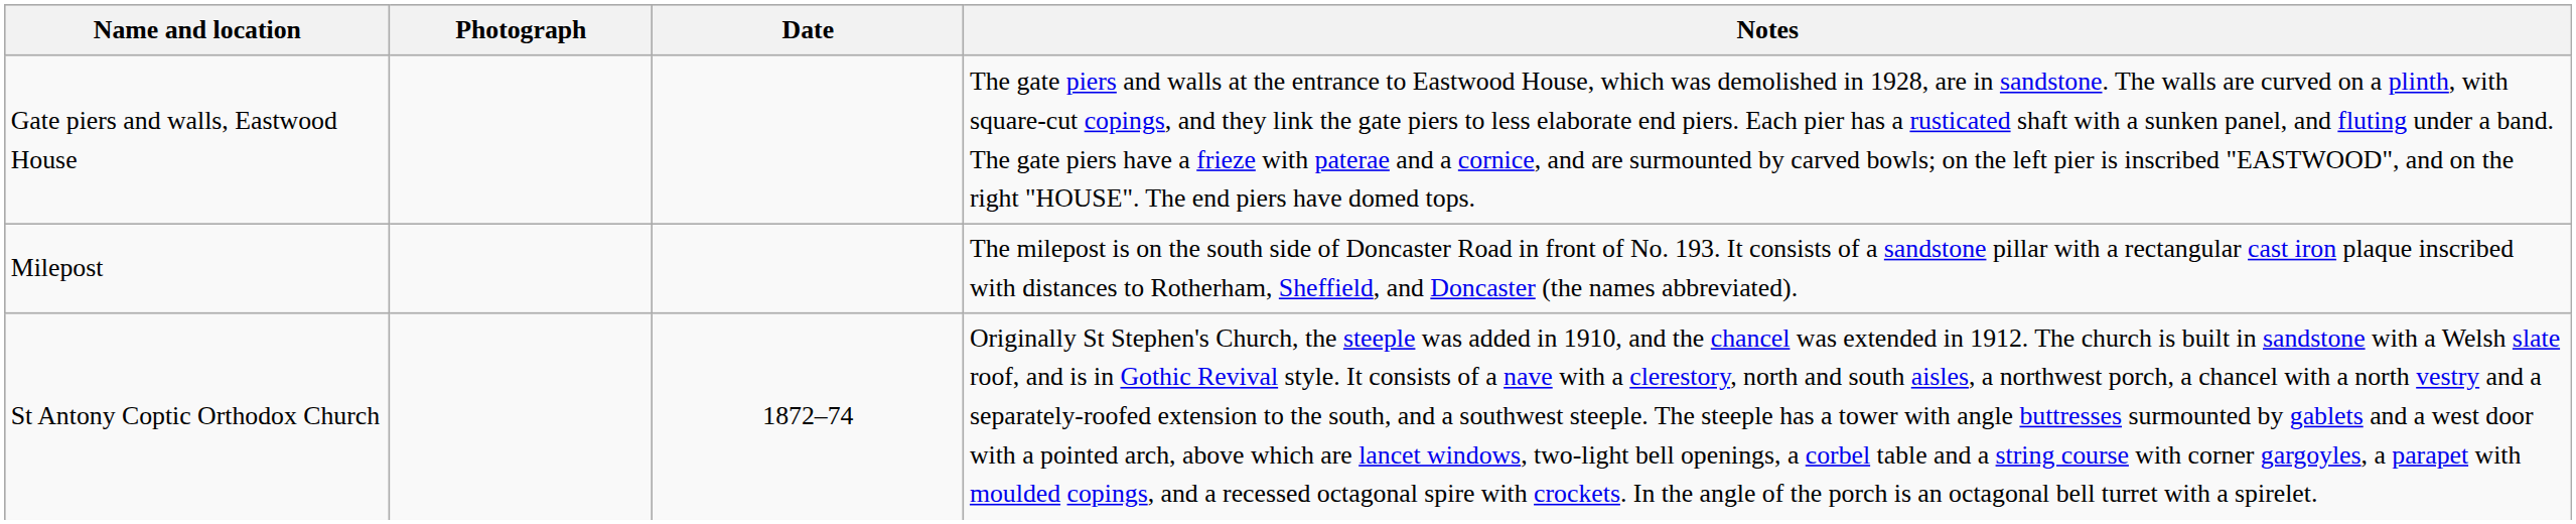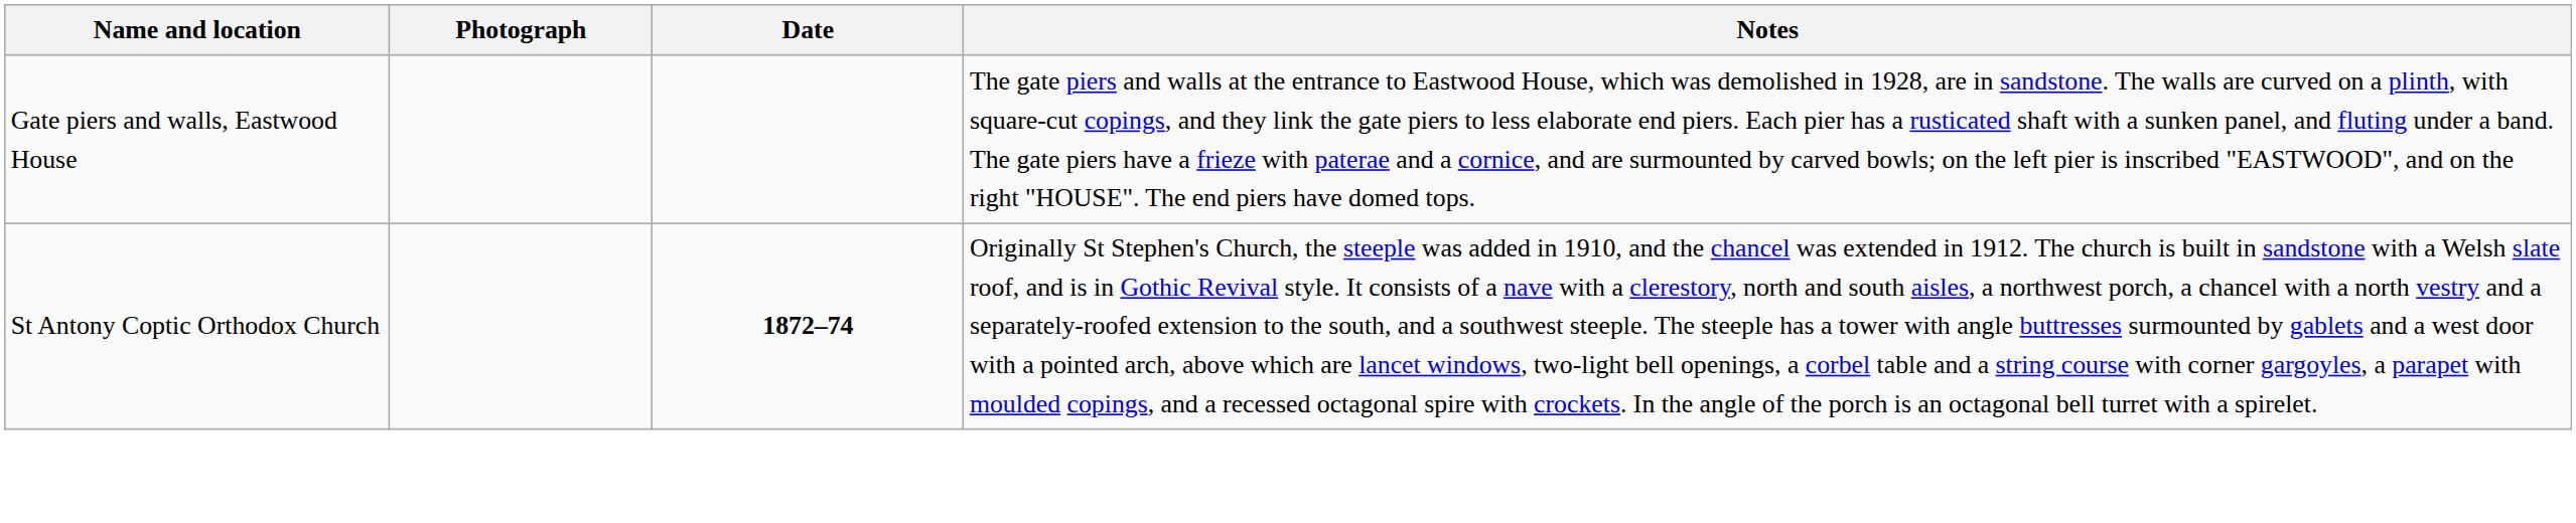 <table class="wikitable sortable plainrowheaders" style="width:100%;border:0px;text-align:left;line-height:150%;">
 <tr>
 <th scope="col"  style="width:150px">Name and location</th>
 <th scope="col"  style="width:100px" class="unsortable">Photograph</th>
 <th scope="col"  style="width:120px">Date</th>
 <th scope="col"  style="width:650px" class="unsortable">Notes</th>
 </tr>
 <tr>
 <td>Gate piers and walls, Eastwood House<br><small></small></td>
 <td></td>
 <td align="center"></td>
 <td>The gate <a href='#'>piers</a> and walls at the entrance to Eastwood House, which was demolished in 1928, are in <a href='#'>sandstone</a>.  The walls are curved on a <a href='#'>plinth</a>, with square-cut <a href='#'>copings</a>, and they link the gate piers to less elaborate end piers.  Each pier has a <a href='#'>rusticated</a> shaft with a sunken panel, and <a href='#'>fluting</a> under a band.  The gate piers have a <a href='#'>frieze</a> with <a href='#'>paterae</a> and a <a href='#'>cornice</a>, and are surmounted by carved bowls; on the left pier is inscribed "EASTWOOD", and on the right "HOUSE".  The end piers have domed tops.</td>
 </tr>
 <tr>
-<td>Milepost<br><small></small></td>
-<td></td>
-<td align="center"></td>
-<td>The milepost is on the south side of Doncaster Road in front of No. 193.  It consists of a <a href='#'>sandstone</a> pillar with a rectangular <a href='#'>cast iron</a> plaque inscribed with distances to Rotherham, <a href='#'>Sheffield</a>, and <a href='#'>Doncaster</a> (the names abbreviated).</td>
-</tr>
-<tr>
 <td>St Antony Coptic Orthodox Church<br><small></small></td>
 <td></td>
-<td align="center">1872–74</td>
+<td align="center"><strong>1872–74</strong></td>
 <td>Originally St Stephen's Church, the <a href='#'>steeple</a> was added in 1910, and the <a href='#'>chancel</a> was extended in 1912.  The church is built in <a href='#'>sandstone</a> with a Welsh <a href='#'>slate</a> roof, and is in <a href='#'>Gothic Revival</a> style.  It consists of a <a href='#'>nave</a> with a <a href='#'>clerestory</a>, north and south <a href='#'>aisles</a>, a northwest porch, a chancel with a north <a href='#'>vestry</a> and a separately-roofed extension to the south, and a southwest steeple.  The steeple has a tower with angle <a href='#'>buttresses</a> surmounted by <a href='#'>gablets</a> and a west door with a pointed arch, above which are <a href='#'>lancet windows</a>, two-light bell openings, a <a href='#'>corbel</a> table and a <a href='#'>string course</a> with corner <a href='#'>gargoyles</a>, a <a href='#'>parapet</a> with <a href='#'>moulded</a> <a href='#'>copings</a>, and a recessed octagonal spire with <a href='#'>crockets</a>.  In the angle of the porch is an octagonal bell turret with a spirelet.</td>
 </tr>
 <tr>
 </tr>
 </table>
